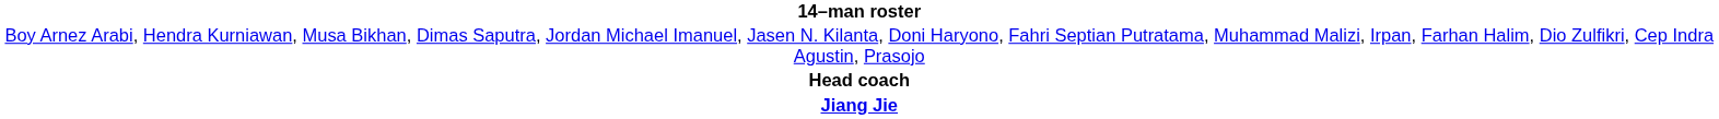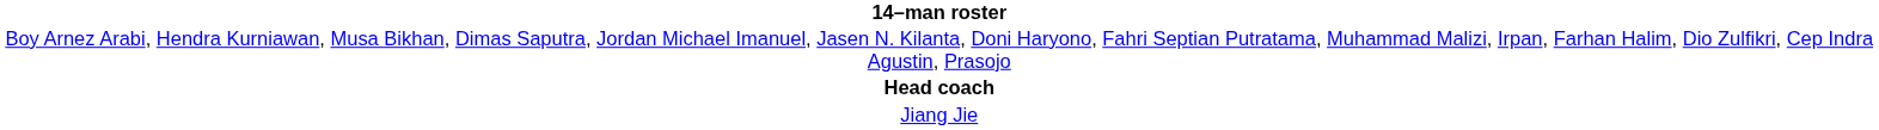 <table style="text-align:center; margin-top:2em; margin-left:auto; margin-right:auto">
 <tr>
 <td><strong>14–man roster</strong></td>
 </tr>
 <tr>
 <td><a href='#'>Boy Arnez Arabi</a>, <a href='#'>Hendra Kurniawan</a>, <a href='#'>Musa Bikhan</a>, <a href='#'>Dimas Saputra</a>, <a href='#'>Jordan Michael Imanuel</a>, <a href='#'>Jasen N. Kilanta</a>, <a href='#'>Doni Haryono</a>, <a href='#'>Fahri Septian Putratama</a>, <a href='#'>Muhammad Malizi</a>, <a href='#'>Irpan</a>, <a href='#'>Farhan Halim</a>, <a href='#'>Dio Zulfikri</a>, <a href='#'>Cep Indra Agustin</a>, <a href='#'>Prasojo</a></td>
 </tr>
 <tr>
 <td><strong>Head coach</strong></td>
 </tr>
 <tr>
-<td><strong> <a href='#'>Jiang Jie</a></strong></td>
+<td> <a href='#'>Jiang Jie</a></td>
 </tr>
 </table>
